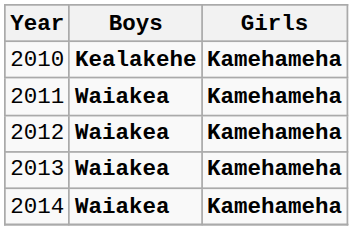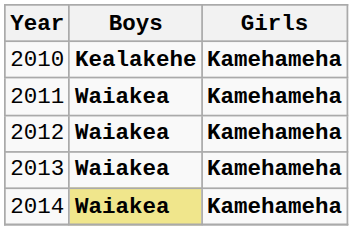 <table class="wikitable">
 <tr>
 <th>Year</th>
 <th>Boys</th>
 <th>Girls</th>
 </tr>
 <tr>
 <td>2010</td>
 <td><strong>Kealakehe</strong></td>
 <td><strong>Kamehameha</strong></td>
 </tr>
 <tr>
 <td>2011</td>
 <td><strong>Waiakea</strong></td>
 <td><strong>Kamehameha</strong></td>
 </tr>
 <tr>
 <td>2012</td>
 <td><strong>Waiakea</strong></td>
 <td><strong>Kamehameha</strong></td>
 </tr>
 <tr>
 <td>2013</td>
 <td><strong>Waiakea</strong></td>
 <td><strong>Kamehameha</strong></td>
 </tr>
 <tr>
 <td>2014</td>
-<td><strong>Waiakea</strong></td>
+<td style="background: khaki;"><strong>Waiakea</strong></td>
 <td><strong>Kamehameha</strong></td>
 </tr>
 <tr>
 </tr>
 </table>
